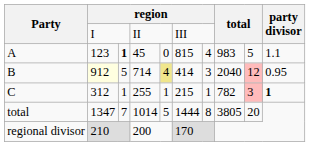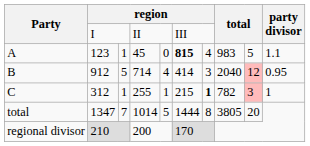 <table class="wikitable">
 <tr>
 <th rowspan="2">Party</th>
 <th colspan="6">region</th>
 <th colspan="2" rowspan="2">total</th>
 <th rowspan="2">party<br>divisor</th>
 </tr>
 <tr>
 <td colspan="2">I</td>
 <td colspan=2>II</td>
 <td colspan=2>III</td>
 </tr>
 <tr>
 <td>A</td>
 <td>123</td>
-<td><strong>1</strong></td>
+<td>1</td>
 <td>45</td>
 <td>0</td>
-<td>815</td>
+<td><strong>815</strong></td>
 <td>4</td>
 <td>983</td>
 <td>5</td>
 <td>1.1</td>
 </tr>
 <tr>
 <td>B</td>
-<td style="background: lightyellow;">912</td>
+<td>912</td>
 <td>5</td>
 <td>714</td>
-<td style="background: khaki;">4</td>
+<td>4</td>
 <td>414</td>
 <td>3</td>
 <td>2040</td>
 <td bgcolor=#ffbbbb>12</td>
 <td>0.95</td>
 </tr>
 <tr>
 <td>C</td>
 <td>312</td>
 <td>1</td>
 <td>255</td>
 <td>1</td>
 <td>215</td>
-<td>1</td>
+<td><strong>1</strong></td>
 <td>782</td>
 <td bgcolor=#ffbbbb>3</td>
-<td><strong>1</strong></td>
+<td>1</td>
 </tr>
 <tr>
 <td>total</td>
 <td>1347</td>
 <td>7</td>
 <td>1014</td>
 <td>5</td>
 <td>1444</td>
 <td>8</td>
 <td>3805</td>
 <td>20</td>
 </tr>
 <tr>
 <td>regional divisor</td>
 <td bgcolor=#dddddd colspan=2>210</td>
 <td colspan=2>200</td>
 <td bgcolor=#dddddd colspan=2>170</td>
 </tr>
 </table>
